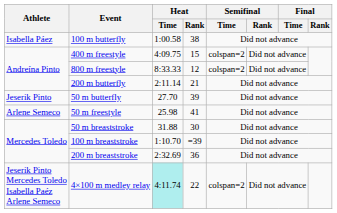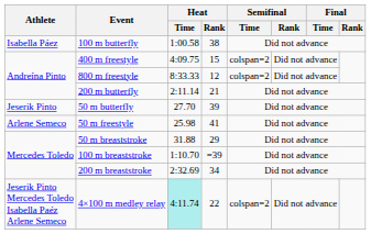 <table class=wikitable style="font-size:90%">
 <tr>
 <th rowspan="2">Athlete</th>
 <th rowspan="2">Event</th>
 <th colspan="2">Heat</th>
 <th colspan="2">Semifinal</th>
 <th colspan="2">Final</th>
 </tr>
 <tr style="font-size:95%">
 <th>Time</th>
 <th>Rank</th>
 <th>Time</th>
 <th>Rank</th>
 <th>Time</th>
 <th>Rank</th>
 </tr>
 <tr align=center>
 <td align=left><a href='#'>Isabella Páez</a></td>
 <td align=left><a href='#'>100 m butterfly</a></td>
 <td>1:00.58</td>
 <td>38</td>
 <td colspan=4>Did not advance</td>
 </tr>
 <tr align=center>
 <td align=left rowspan=3><a href='#'>Andreína Pinto</a></td>
 <td align=left><a href='#'>400 m freestyle</a></td>
 <td>4:09.75</td>
 <td>15</td>
 <td>colspan=2 </td>
 <td colspan=2>Did not advance</td>
 </tr>
 <tr align=center>
 <td align=left><a href='#'>800 m freestyle</a></td>
 <td>8:33.33</td>
 <td>12</td>
 <td>colspan=2 </td>
 <td colspan=2>Did not advance</td>
 </tr>
 <tr align=center>
 <td align=left><a href='#'>200 m butterfly</a></td>
 <td>2:11.14</td>
 <td>21</td>
 <td colspan=4>Did not advance</td>
 </tr>
 <tr align=center>
 <td align=left><a href='#'>Jeserik Pinto</a></td>
 <td align=left><a href='#'>50 m butterfly</a></td>
 <td>27.70</td>
 <td>39</td>
 <td colspan=4>Did not advance</td>
 </tr>
 <tr align=center>
 <td align=left><a href='#'>Arlene Semeco</a></td>
 <td align=left><a href='#'>50 m freestyle</a></td>
 <td>25.98</td>
 <td>41</td>
 <td colspan=4>Did not advance</td>
 </tr>
 <tr align=center>
 <td align=left rowspan=3><a href='#'>Mercedes Toledo</a></td>
 <td align=left><a href='#'>50 m breaststroke</a></td>
 <td>31.88</td>
-<td>30</td>
+<td>29</td>
 <td colspan=4>Did not advance</td>
 </tr>
 <tr align=center>
 <td align=left><a href='#'>100 m breaststroke</a></td>
 <td>1:10.70</td>
 <td>=39</td>
 <td colspan=4>Did not advance</td>
 </tr>
 <tr align=center>
 <td align=left><a href='#'>200 m breaststroke</a></td>
 <td>2:32.69</td>
-<td>36</td>
+<td>34</td>
 <td colspan=4>Did not advance</td>
 </tr>
 <tr align=center>
 <td align=left><a href='#'>Jeserik Pinto</a><br><a href='#'>Mercedes Toledo</a><br><a href='#'>Isabella Paéz</a><br><a href='#'>Arlene Semeco</a></td>
 <td align=left><a href='#'>4×100 m medley relay</a></td>
 <td style="background: paleturquoise;">4:11.74</td>
 <td>22</td>
 <td>colspan=2 </td>
 <td colspan=2>Did not advance</td>
 </tr>
 </table>
